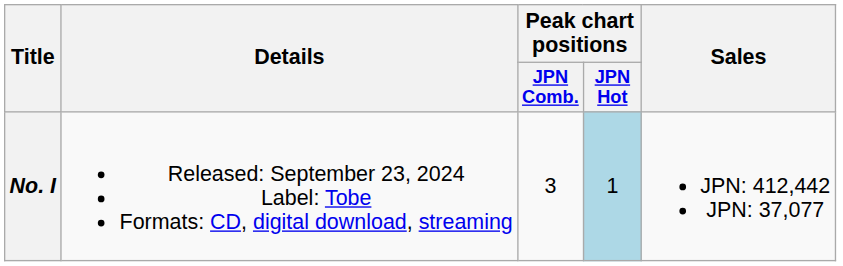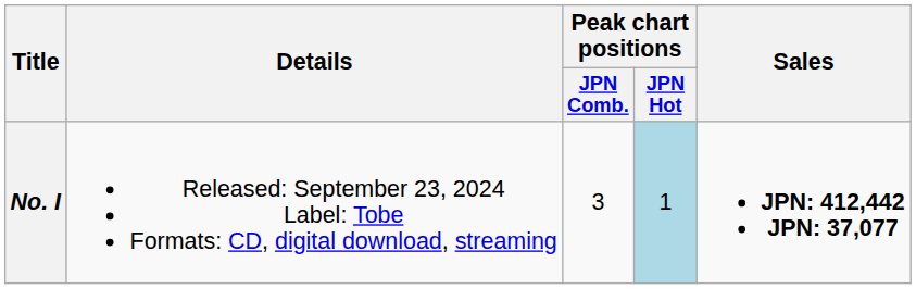 <table class="wikitable plainrowheaders" style="text-align:center">
 <tr>
 <th scope="col" rowspan="2">Title</th>
 <th scope="col" rowspan="2">Details</th>
 <th scope="col" colspan="2">Peak chart positions</th>
 <th scope="col" rowspan="2">Sales</th>
 </tr>
 <tr>
 <th scope="col" style="width:2.75em;font-size:85%;"><a href='#'>JPN<br>Comb.</a><br></th>
 <th scope="col" style="font-size:85%; width:2.75em"><a href='#'>JPN<br>Hot</a><br></th>
 </tr>
 <tr>
 <th scope="row"><em>No. I</em></th>
 <td><br><ul><li>Released: September 23, 2024</li><li>Label: <a href='#'>Tobe</a></li><li>Formats: <a href='#'>CD</a>, <a href='#'>digital download</a>, <a href='#'>streaming</a></li></ul></td>
 <td>3</td>
 <td style="background: lightblue;">1</td>
-<td><br><ul><li>JPN: 412,442 </li><li>JPN: 37,077 </li></ul></td>
+<td><strong><br><ul><li>JPN: 412,442 </li><li>JPN: 37,077 </li></ul></strong></td>
 </tr>
 </table>
